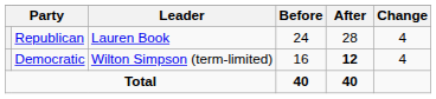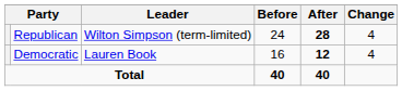 <table class="wikitable" style="text-align:center;">
 <tr>
 </tr>
 <tr>
 <th colspan=2>Party</th>
 <th>Leader</th>
 <th style="width:3em">Before</th>
 <th style="width:3em">After</th>
 <th style="width:3em">Change</th>
 </tr>
 <tr>
 <th style="background-color:"></th>
 <td style="text-align:left;"><a href='#'>Republican</a></td>
-<td style="text-align:left;"><a href='#'>Lauren Book</a></td>
+<td style="text-align:left;"><a href='#'>Wilton Simpson</a> (term-limited)</td>
 <td>24</td>
-<td>28</td>
+<td><strong>28</strong></td>
 <td> 4</td>
 </tr>
 <tr>
 <th style="background-color:"></th>
 <td style="text-align:left;"><a href='#'>Democratic</a></td>
-<td style="text-align:left;"><a href='#'>Wilton Simpson</a> (term-limited)</td>
+<td style="text-align:left;"><a href='#'>Lauren Book</a></td>
 <td>16</td>
 <td><strong>12</strong></td>
 <td> 4</td>
 </tr>
 <tr>
 <td colspan=3><strong>Total</strong></td>
 <td><strong>40</strong></td>
 <td><strong>40</strong></td>
 <td></td>
 </tr>
 </table>
